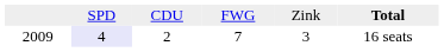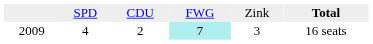 <table border="0" cellpadding="2" cellspacing="0" width="450">
 <tr bgcolor="#eeeeee" align="center">
 <td></td>
 <td><a href='#'>SPD</a></td>
 <td><a href='#'>CDU</a></td>
 <td><a href='#'>FWG</a></td>
 <td>Zink</td>
 <td><strong>Total</strong></td>
 </tr>
 <tr align="center">
 <td>2009</td>
-<td style="background: lavender;">4</td>
+<td>4</td>
 <td>2</td>
-<td>7</td>
+<td style="background: paleturquoise;">7</td>
 <td>3</td>
 <td>16 seats</td>
 </tr>
 </table>
